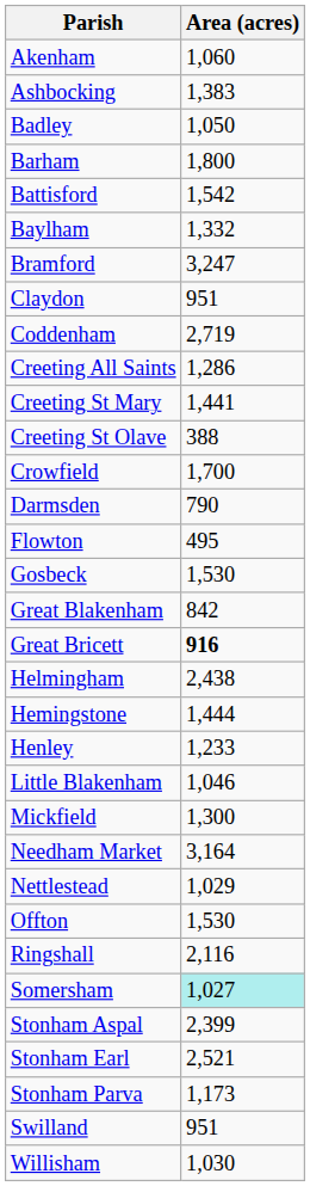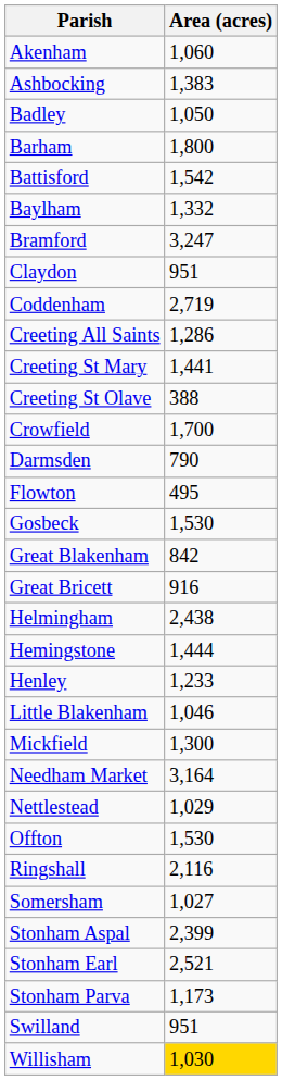 <table class="sortable wikitable vatop" style=" margin-right:2em;">
 <tr>
 <th>Parish</th>
 <th>Area (acres)</th>
 </tr>
 <tr>
 <td><a href='#'>Akenham</a></td>
 <td>1,060</td>
 </tr>
 <tr>
 <td><a href='#'>Ashbocking</a></td>
 <td>1,383</td>
 </tr>
 <tr>
 <td><a href='#'>Badley</a></td>
 <td>1,050</td>
 </tr>
 <tr>
 <td><a href='#'>Barham</a></td>
 <td>1,800</td>
 </tr>
 <tr>
 <td><a href='#'>Battisford</a></td>
 <td>1,542</td>
 </tr>
 <tr>
 <td><a href='#'>Baylham</a></td>
 <td>1,332</td>
 </tr>
 <tr>
 <td><a href='#'>Bramford</a></td>
 <td>3,247</td>
 </tr>
 <tr>
 <td><a href='#'>Claydon</a></td>
 <td>951</td>
 </tr>
 <tr>
 <td><a href='#'>Coddenham</a></td>
 <td>2,719</td>
 </tr>
 <tr>
 <td><a href='#'>Creeting All Saints</a></td>
 <td>1,286</td>
 </tr>
 <tr>
 <td><a href='#'>Creeting St Mary</a></td>
 <td>1,441</td>
 </tr>
 <tr>
 <td><a href='#'>Creeting St Olave</a></td>
 <td>388</td>
 </tr>
 <tr>
 <td><a href='#'>Crowfield</a></td>
 <td>1,700</td>
 </tr>
 <tr>
 <td><a href='#'>Darmsden</a></td>
 <td>790</td>
 </tr>
 <tr>
 <td><a href='#'>Flowton</a></td>
 <td>495</td>
 </tr>
 <tr>
 <td><a href='#'>Gosbeck</a></td>
 <td>1,530</td>
 </tr>
 <tr>
 <td><a href='#'>Great Blakenham</a></td>
 <td>842</td>
 </tr>
 <tr>
 <td><a href='#'>Great Bricett</a></td>
-<td><strong>916</strong></td>
+<td>916</td>
 </tr>
 <tr>
 <td><a href='#'>Helmingham</a></td>
 <td>2,438</td>
 </tr>
 <tr>
 <td><a href='#'>Hemingstone</a></td>
 <td>1,444</td>
 </tr>
 <tr>
 <td><a href='#'>Henley</a></td>
 <td>1,233</td>
 </tr>
 <tr>
 <td><a href='#'>Little Blakenham</a></td>
 <td>1,046</td>
 </tr>
 <tr>
 <td><a href='#'>Mickfield</a></td>
 <td>1,300</td>
 </tr>
 <tr>
 <td><a href='#'>Needham Market</a></td>
 <td>3,164</td>
 </tr>
 <tr>
 <td><a href='#'>Nettlestead</a></td>
 <td>1,029</td>
 </tr>
 <tr>
 <td><a href='#'>Offton</a></td>
 <td>1,530</td>
 </tr>
 <tr>
 <td><a href='#'>Ringshall</a></td>
 <td>2,116</td>
 </tr>
 <tr>
 <td><a href='#'>Somersham</a></td>
-<td style="background: paleturquoise;">1,027</td>
+<td>1,027</td>
 </tr>
 <tr>
 <td><a href='#'>Stonham Aspal</a></td>
 <td>2,399</td>
 </tr>
 <tr>
 <td><a href='#'>Stonham Earl</a></td>
 <td>2,521</td>
 </tr>
 <tr>
 <td><a href='#'>Stonham Parva</a></td>
 <td>1,173</td>
 </tr>
 <tr>
 <td><a href='#'>Swilland</a></td>
 <td>951</td>
 </tr>
 <tr>
 <td><a href='#'>Willisham</a></td>
-<td>1,030</td>
+<td style="background: gold;">1,030</td>
 </tr>
 </table>
